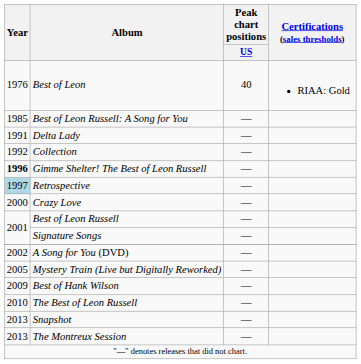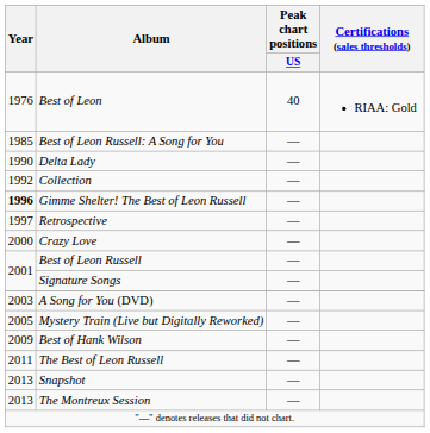 <table class="wikitable">
 <tr>
 <th rowspan="2">Year</th>
 <th rowspan="2">Album</th>
 <th>Peak chart positions</th>
 <th rowspan="2" style="width:125px;"><a href='#'>Certifications</a><br><small>(<a href='#'>sales thresholds</a>)</small></th>
 </tr>
 <tr>
 <th style="width:3.5em;font-size:90%;"><a href='#'>US</a><br></th>
 </tr>
 <tr>
 <td>1976</td>
 <td><em>Best of Leon</em></td>
 <td style="text-align:center;">40</td>
 <td><br><ul><li>RIAA: Gold</li></ul></td>
 </tr>
 <tr>
 <td>1985</td>
 <td><em>Best of Leon Russell: A Song for You</em></td>
 <td style="text-align:center;">—</td>
 <td></td>
 </tr>
 <tr>
-<td>1991</td>
+<td>1990</td>
 <td><em>Delta Lady</em></td>
 <td style="text-align:center;">—</td>
 <td></td>
 </tr>
 <tr>
 <td>1992</td>
 <td><em>Collection</em></td>
 <td style="text-align:center;">—</td>
 <td></td>
 </tr>
 <tr>
 <td><strong>1996</strong></td>
 <td><em>Gimme Shelter! The Best of Leon Russell</em></td>
 <td style="text-align:center;">—</td>
 <td></td>
 </tr>
 <tr>
-<td style="background: lightblue;">1997</td>
+<td>1997</td>
 <td><em>Retrospective</em></td>
 <td style="text-align:center;">—</td>
 <td></td>
 </tr>
 <tr>
 <td>2000</td>
 <td><em>Crazy Love</em></td>
 <td style="text-align:center;">—</td>
 <td></td>
 </tr>
 <tr>
 <td rowspan="2">2001</td>
 <td><em>Best of Leon Russell</em></td>
 <td style="text-align:center;">—</td>
 <td></td>
 </tr>
 <tr>
 <td><em>Signature Songs</em></td>
 <td style="text-align:center;">—</td>
 <td></td>
 </tr>
 <tr>
 </tr>
 <tr>
-<td>2002</td>
+<td>2003</td>
 <td><em>A Song for You</em> (DVD)</td>
 <td style="text-align:center;">—</td>
 <td></td>
 </tr>
 <tr>
 <td>2005</td>
 <td><em>Mystery Train (Live but Digitally Reworked)</em></td>
 <td style="text-align:center;">—</td>
 <td></td>
 </tr>
 <tr>
 <td>2009</td>
 <td><em>Best of Hank Wilson</em></td>
 <td style="text-align:center;">—</td>
 <td></td>
 </tr>
 <tr>
-<td>2010</td>
+<td>2011</td>
 <td><em>The Best of Leon Russell</em></td>
 <td style="text-align:center;">—</td>
 <td></td>
 </tr>
 <tr>
 <td>2013</td>
 <td><em>Snapshot</em></td>
 <td style="text-align:center;">—</td>
 <td></td>
 </tr>
 <tr>
 <td>2013</td>
 <td><em>The Montreux Session</em></td>
 <td style="text-align:center;">—</td>
 <td></td>
 </tr>
 <tr>
 <td colspan="11" style="text-align:center; font-size:80%;">"—" denotes releases that did not chart.</td>
 </tr>
 </table>
